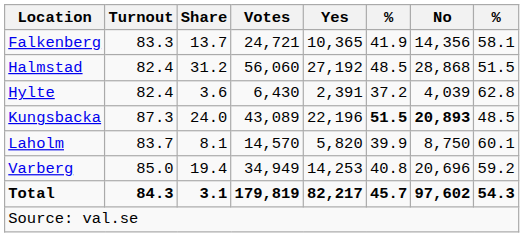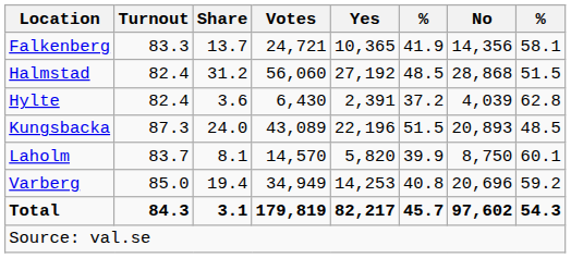 <table class="wikitable sortable" style=text-align:right>
 <tr>
 <th>Location</th>
 <th>Turnout</th>
 <th>Share</th>
 <th>Votes</th>
 <th>Yes</th>
 <th>%</th>
 <th>No</th>
 <th>%</th>
 </tr>
 <tr>
 <td align=left><a href='#'>Falkenberg</a></td>
 <td>83.3</td>
 <td>13.7</td>
 <td>24,721</td>
 <td>10,365</td>
 <td>41.9</td>
 <td>14,356</td>
 <td>58.1</td>
 </tr>
 <tr>
 <td align=left><a href='#'>Halmstad</a></td>
 <td>82.4</td>
 <td>31.2</td>
 <td>56,060</td>
 <td>27,192</td>
 <td>48.5</td>
 <td>28,868</td>
 <td>51.5</td>
 </tr>
 <tr>
 <td align=left><a href='#'>Hylte</a></td>
 <td>82.4</td>
 <td>3.6</td>
 <td>6,430</td>
 <td>2,391</td>
 <td>37.2</td>
 <td>4,039</td>
 <td>62.8</td>
 </tr>
 <tr>
 <td align=left><a href='#'>Kungsbacka</a></td>
 <td>87.3</td>
 <td>24.0</td>
 <td>43,089</td>
 <td>22,196</td>
-<td><strong>51.5</strong></td>
-<td><strong>20,893</strong></td>
+<td>51.5</td>
+<td>20,893</td>
 <td>48.5</td>
 </tr>
 <tr>
 <td align=left><a href='#'>Laholm</a></td>
 <td>83.7</td>
 <td>8.1</td>
 <td>14,570</td>
 <td>5,820</td>
 <td>39.9</td>
 <td>8,750</td>
 <td>60.1</td>
 </tr>
 <tr>
 <td align=left><a href='#'>Varberg</a></td>
 <td>85.0</td>
 <td>19.4</td>
 <td>34,949</td>
 <td>14,253</td>
 <td>40.8</td>
 <td>20,696</td>
 <td>59.2</td>
 </tr>
 <tr>
 <td align=left><strong>Total</strong></td>
 <td><strong>84.3</strong></td>
 <td><strong>3.1</strong></td>
 <td><strong>179,819</strong></td>
 <td><strong>82,217</strong></td>
 <td><strong>45.7</strong></td>
 <td><strong>97,602</strong></td>
 <td><strong>54.3</strong></td>
 </tr>
 <tr>
 <td align=left colspan=8>Source: val.se </td>
 </tr>
 </table>
